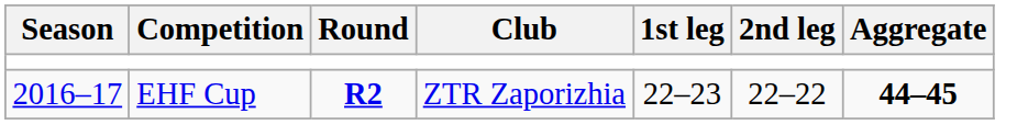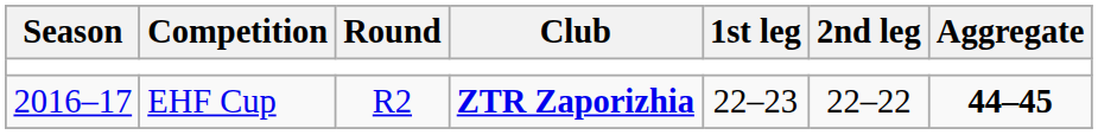 <table class="wikitable">
 <tr>
 <th>Season</th>
 <th>Competition</th>
 <th>Round</th>
 <th>Club</th>
 <th>1st leg</th>
 <th>2nd leg</th>
 <th>Aggregate</th>
 </tr>
 <tr>
 <td colspan="7" bgcolor=white></td>
 </tr>
 <tr>
 <td rowspan="2"><a href='#'>2016–17</a></td>
 <td rowspan="2"><a href='#'>EHF Cup</a></td>
-<td style="text-align:center;"><strong><a href='#'>R2</a></strong></td>
-<td> <a href='#'>ZTR Zaporizhia</a></td>
+<td style="text-align:center;"><a href='#'>R2</a></td>
+<td><strong> <a href='#'>ZTR Zaporizhia</a></strong></td>
 <td style="text-align:center;">22–23</td>
 <td style="text-align:center;">22–22</td>
 <td style="text-align:center;"><strong>44–45</strong></td>
 </tr>
 </table>
